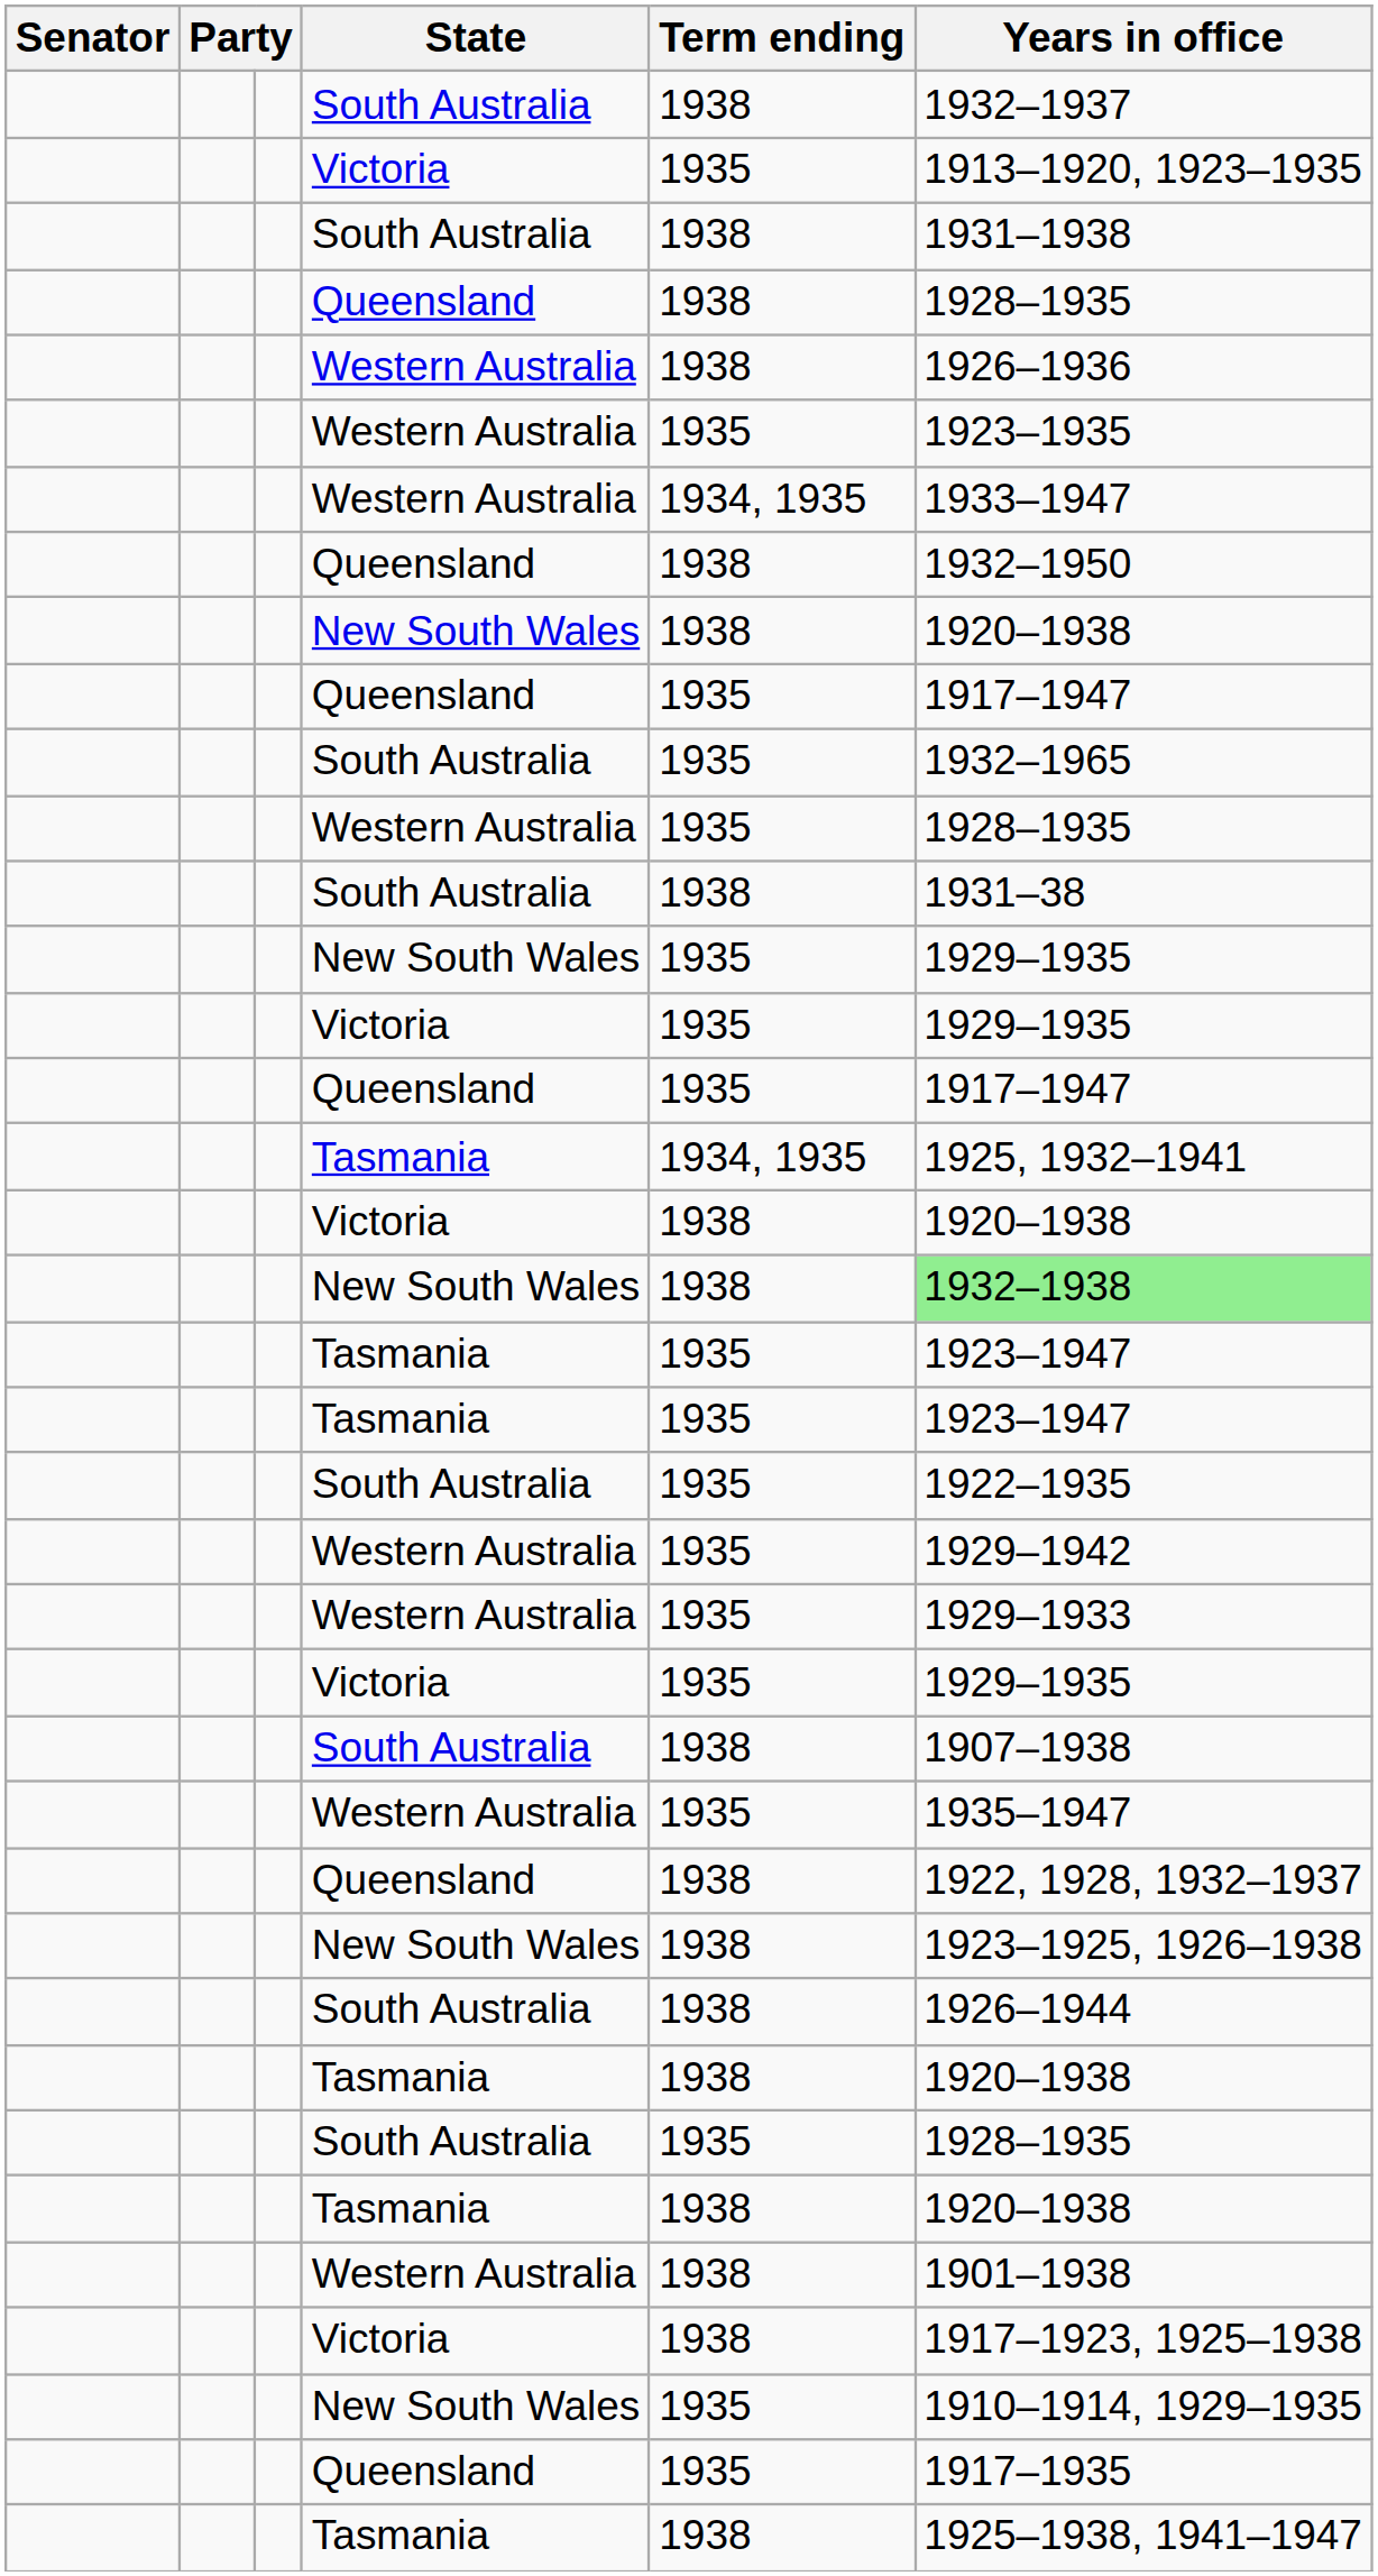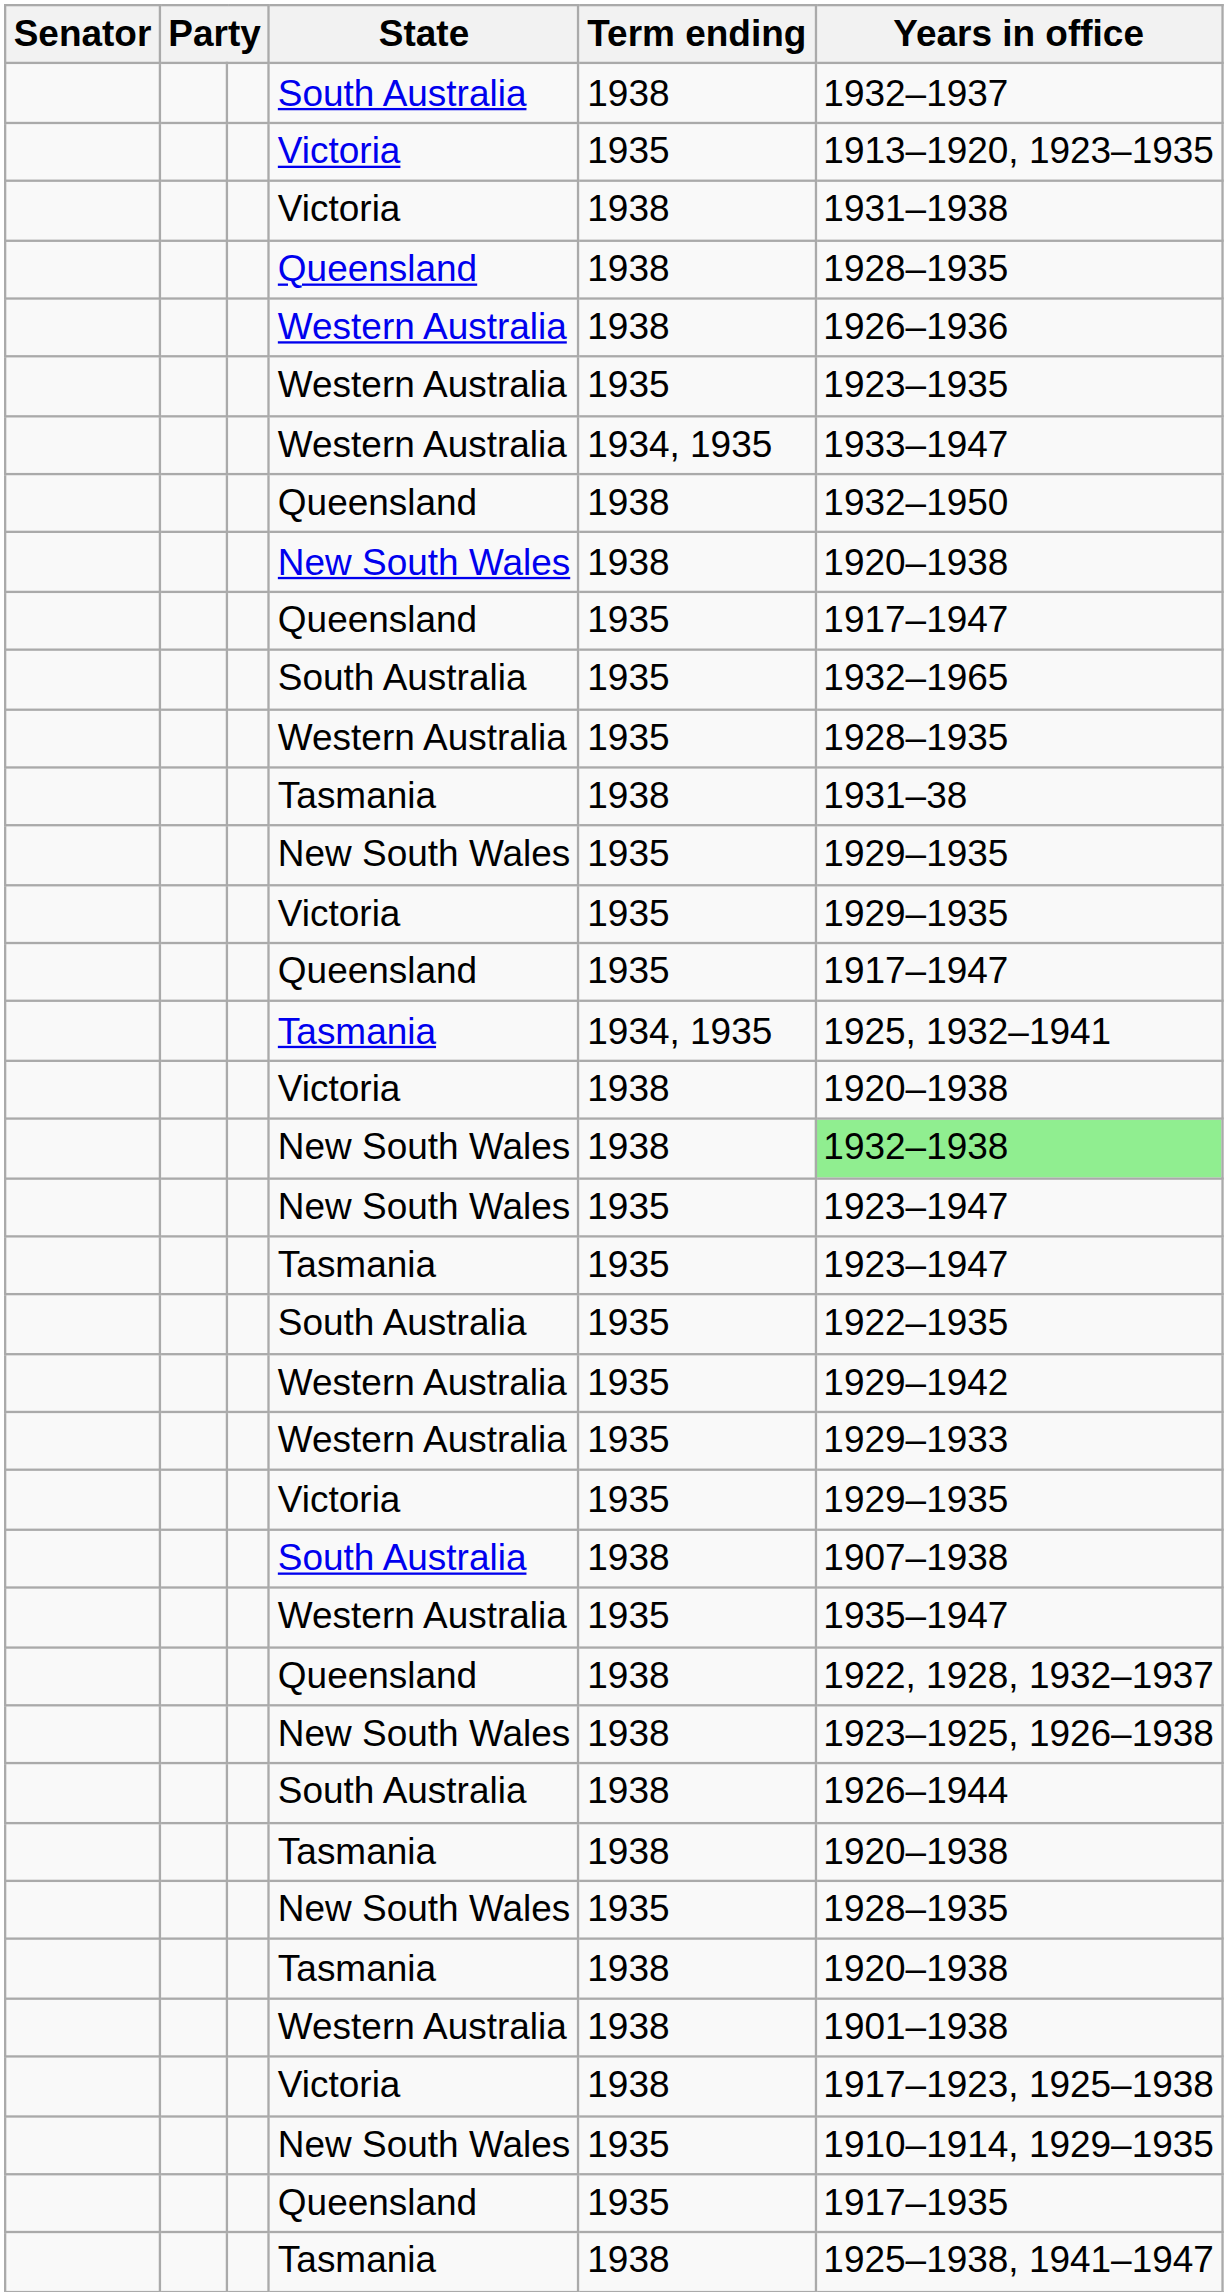 <table class="wikitable sortable">
 <tr>
 <th>Senator</th>
 <th colspan=2>Party</th>
 <th>State</th>
 <th>Term ending</th>
 <th>Years in office</th>
 </tr>
 <tr>
 <td></td>
 <td> </td>
 <td></td>
 <td><a href='#'>South Australia</a></td>
 <td>1938</td>
 <td>1932–1937</td>
 </tr>
 <tr>
 <td></td>
 <td> </td>
 <td></td>
 <td><a href='#'>Victoria</a></td>
 <td>1935</td>
 <td>1913–1920, 1923–1935</td>
 </tr>
 <tr>
 <td></td>
 <td> </td>
 <td></td>
-<td>South Australia</td>
+<td>Victoria</td>
 <td>1938</td>
 <td>1931–1938</td>
 </tr>
 <tr>
 <td></td>
 <td> </td>
 <td></td>
 <td><a href='#'>Queensland</a></td>
 <td>1938</td>
 <td>1928–1935</td>
 </tr>
 <tr>
 <td></td>
 <td> </td>
 <td></td>
 <td><a href='#'>Western Australia</a></td>
 <td>1938</td>
 <td>1926–1936</td>
 </tr>
 <tr>
 <td> </td>
 <td> </td>
 <td></td>
 <td>Western Australia</td>
 <td>1935</td>
 <td>1923–1935</td>
 </tr>
 <tr>
 <td> </td>
 <td> </td>
 <td></td>
 <td>Western Australia</td>
 <td>1934, 1935</td>
 <td>1933–1947</td>
 </tr>
 <tr>
 <td></td>
 <td> </td>
 <td></td>
 <td>Queensland</td>
 <td>1938</td>
 <td>1932–1950</td>
 </tr>
 <tr>
 <td></td>
 <td> </td>
 <td></td>
 <td><a href='#'>New South Wales</a></td>
 <td>1938</td>
 <td>1920–1938</td>
 </tr>
 <tr>
 <td></td>
 <td> </td>
 <td></td>
 <td>Queensland</td>
 <td>1935</td>
 <td>1917–1947</td>
 </tr>
 <tr>
 <td></td>
 <td> </td>
 <td></td>
 <td>South Australia</td>
 <td>1935</td>
 <td>1932–1965</td>
 </tr>
 <tr>
 <td></td>
 <td> </td>
 <td></td>
 <td>Western Australia</td>
 <td>1935</td>
 <td>1928–1935</td>
 </tr>
 <tr>
 <td></td>
 <td> </td>
 <td></td>
-<td>South Australia</td>
+<td>Tasmania</td>
 <td>1938</td>
 <td>1931–38</td>
 </tr>
 <tr>
 <td></td>
 <td> </td>
 <td> </td>
 <td>New South Wales</td>
 <td>1935</td>
 <td>1929–1935</td>
 </tr>
 <tr>
 <td></td>
 <td> </td>
 <td></td>
 <td>Victoria</td>
 <td>1935</td>
 <td>1929–1935</td>
 </tr>
 <tr>
 <td></td>
 <td> </td>
 <td></td>
 <td>Queensland</td>
 <td>1935</td>
 <td>1917–1947</td>
 </tr>
 <tr>
 <td> </td>
 <td> </td>
 <td></td>
 <td><a href='#'>Tasmania</a></td>
 <td>1934, 1935</td>
 <td>1925, 1932–1941</td>
 </tr>
 <tr>
 <td></td>
 <td> </td>
 <td></td>
 <td>Victoria</td>
 <td>1938</td>
 <td>1920–1938</td>
 </tr>
 <tr>
 <td></td>
 <td> </td>
 <td></td>
 <td>New South Wales</td>
 <td>1938</td>
 <td style="background: lightgreen;">1932–1938</td>
 </tr>
 <tr>
 <td></td>
 <td> </td>
 <td></td>
-<td>Tasmania</td>
+<td>New South Wales</td>
 <td>1935</td>
 <td>1923–1947</td>
 </tr>
 <tr>
 <td></td>
 <td> </td>
 <td></td>
 <td>Tasmania</td>
 <td>1935</td>
 <td>1923–1947</td>
 </tr>
 <tr>
 <td></td>
 <td> </td>
 <td></td>
 <td>South Australia</td>
 <td>1935</td>
 <td>1922–1935</td>
 </tr>
 <tr>
 <td></td>
 <td> </td>
 <td></td>
 <td>Western Australia</td>
 <td>1935</td>
 <td>1929–1942</td>
 </tr>
 <tr>
 <td> </td>
 <td> </td>
 <td></td>
 <td>Western Australia</td>
 <td>1935</td>
 <td>1929–1933</td>
 </tr>
 <tr>
 <td></td>
 <td> </td>
 <td></td>
 <td>Victoria</td>
 <td>1935</td>
 <td>1929–1935</td>
 </tr>
 <tr>
 <td></td>
 <td> </td>
 <td></td>
 <td><a href='#'>South Australia</a></td>
 <td>1938</td>
 <td>1907–1938</td>
 </tr>
 <tr>
 <td> </td>
 <td> </td>
 <td></td>
 <td>Western Australia</td>
 <td>1935 </td>
 <td>1935–1947</td>
 </tr>
 <tr>
 <td></td>
 <td> </td>
 <td></td>
 <td>Queensland</td>
 <td>1938</td>
 <td>1922, 1928, 1932–1937</td>
 </tr>
 <tr>
 <td></td>
 <td> </td>
 <td></td>
 <td>New South Wales</td>
 <td>1938</td>
 <td>1923–1925, 1926–1938</td>
 </tr>
 <tr>
 <td></td>
 <td> </td>
 <td></td>
 <td>South Australia</td>
 <td>1938</td>
 <td>1926–1944</td>
 </tr>
 <tr>
 <td></td>
 <td> </td>
 <td></td>
 <td>Tasmania</td>
 <td>1938</td>
 <td>1920–1938</td>
 </tr>
 <tr>
 <td></td>
 <td> </td>
 <td></td>
-<td>South Australia</td>
+<td>New South Wales</td>
 <td>1935</td>
 <td>1928–1935</td>
 </tr>
 <tr>
 <td></td>
 <td> </td>
 <td></td>
 <td>Tasmania</td>
 <td>1938</td>
 <td>1920–1938</td>
 </tr>
 <tr>
 <td> </td>
 <td> </td>
 <td></td>
 <td>Western Australia</td>
 <td>1938</td>
 <td>1901–1938</td>
 </tr>
 <tr>
 <td></td>
 <td> </td>
 <td></td>
 <td>Victoria</td>
 <td>1938</td>
 <td>1917–1923, 1925–1938</td>
 </tr>
 <tr>
 <td></td>
 <td> </td>
 <td> </td>
 <td>New South Wales</td>
 <td>1935</td>
 <td>1910–1914, 1929–1935</td>
 </tr>
 <tr>
 <td></td>
 <td> </td>
 <td></td>
 <td>Queensland</td>
 <td>1935</td>
 <td>1917–1935</td>
 </tr>
 <tr>
 <td></td>
 <td> </td>
 <td></td>
 <td>Tasmania</td>
 <td>1938</td>
 <td>1925–1938, 1941–1947</td>
 </tr>
 </table>
